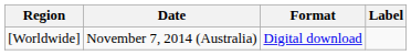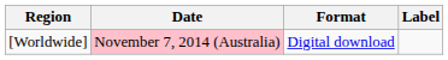 <table class=wikitable>
 <tr>
 <th>Region</th>
 <th>Date</th>
 <th>Format</th>
 <th>Label</th>
 </tr>
 <tr>
 <td>[Worldwide]</td>
-<td rowspan= "1">November 7, 2014 (Australia)</td>
+<td rowspan= "1" style="background: pink;">November 7, 2014 (Australia)</td>
 <td rowspan="1"><a href='#'>Digital download</a></td>
 </tr>
 </table>
